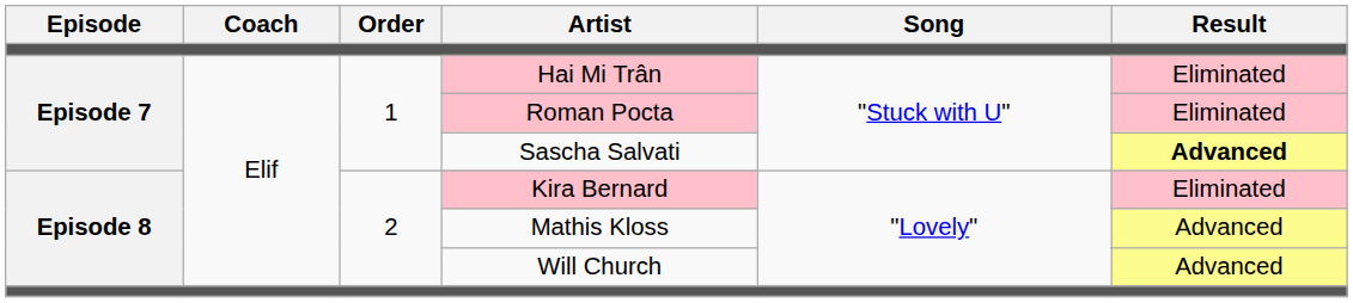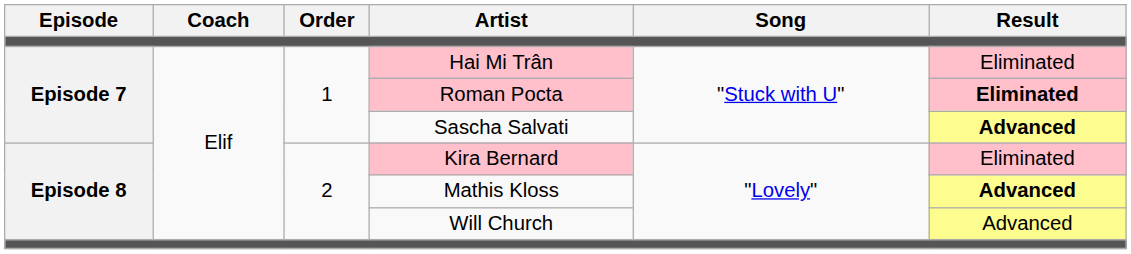 <table class="wikitable" style="text-align: center; width:100%">
 <tr>
 <th scope="col" style="width:09%">Episode</th>
 <th style="width:08%">Coach</th>
 <th style="width:04%">Order</th>
 <th style="width:16%">Artist</th>
 <th style="width:18%">Song</th>
 <th style="width:12%">Result</th>
 </tr>
 <tr>
 <td colspan="6" style="background:#555"></td>
 </tr>
 <tr>
 <th rowspan="3">Episode 7<br></th>
 <td rowspan="6" scope="row">Elif</td>
 <td rowspan="3">1</td>
 <td style="background:pink">Hai Mi Trân</td>
 <td rowspan="3">"<a href='#'>Stuck with U</a>"</td>
 <td style="background:pink">Eliminated</td>
 </tr>
 <tr>
 <td style="background:pink">Roman Pocta</td>
-<td style="background:pink">Eliminated</td>
+<td style="background:pink"><strong>Eliminated</strong></td>
 </tr>
 <tr>
 <td>Sascha Salvati</td>
 <td style="background:#fdfc8f"><strong>Advanced</strong></td>
 </tr>
 <tr>
 <th rowspan="3">Episode 8<br></th>
 <td rowspan="3">2</td>
 <td style="background:pink">Kira Bernard</td>
 <td rowspan="3">"<a href='#'>Lovely</a>"</td>
 <td style="background:pink">Eliminated</td>
 </tr>
 <tr>
 <td>Mathis Kloss</td>
-<td style="background:#fdfc8f">Advanced</td>
+<td style="background:#fdfc8f"><strong>Advanced</strong></td>
 </tr>
 <tr>
 <td>Will Church</td>
 <td style="background:#fdfc8f">Advanced</td>
 </tr>
 <tr>
 <td colspan="6" style="background:#555"></td>
 </tr>
 <tr>
 </tr>
 </table>
